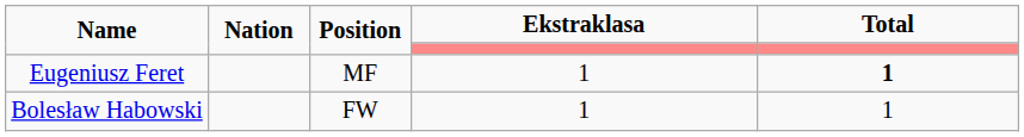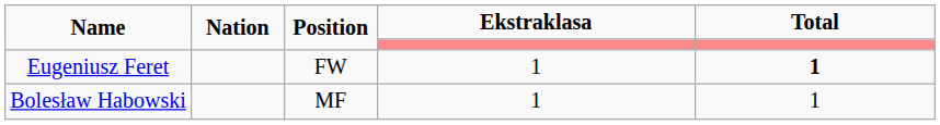 <table class="wikitable" style="font-size: 100%; text-align: center;">
 <tr>
 <td rowspan="2" width="20%" align="center"><strong>Name</strong></td>
 <td rowspan="2" width="10%" align="center"><strong>Nation</strong></td>
 <td rowspan="2" width="10%" align="center"><strong>Position</strong></td>
 <td colspan="1" align="center"><strong>Ekstraklasa</strong></td>
 <td colspan="1" align="center"><strong>Total</strong></td>
 </tr>
 <tr>
 <th width=60 style="background: #FF8888"></th>
 <th width=60 style="background: #FF8888"></th>
 </tr>
 <tr>
 <td><a href='#'>Eugeniusz Feret</a></td>
 <td></td>
-<td>MF</td>
+<td>FW</td>
 <td>1</td>
 <td><strong>1</strong></td>
 </tr>
 <tr>
 <td><a href='#'>Bolesław Habowski</a></td>
 <td></td>
-<td>FW</td>
+<td>MF</td>
 <td>1</td>
 <td>1</td>
 </tr>
 </table>
